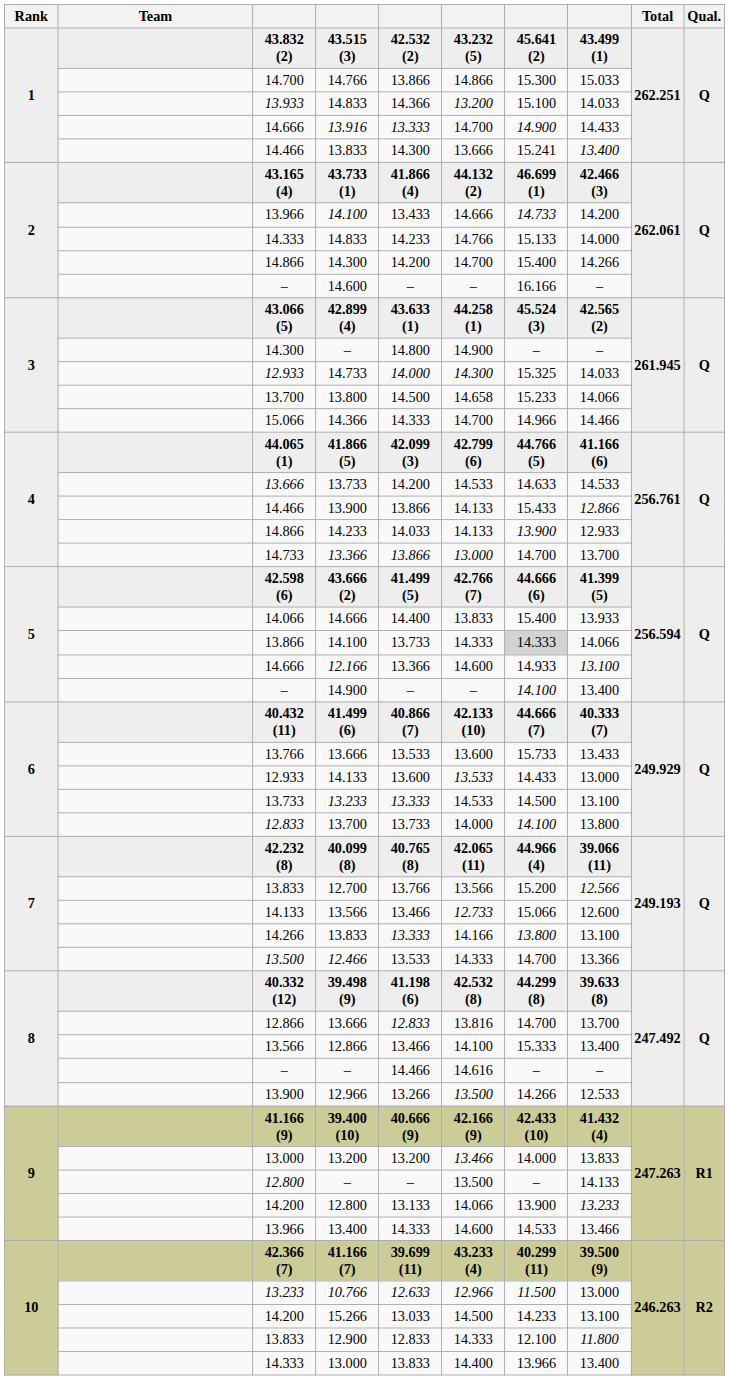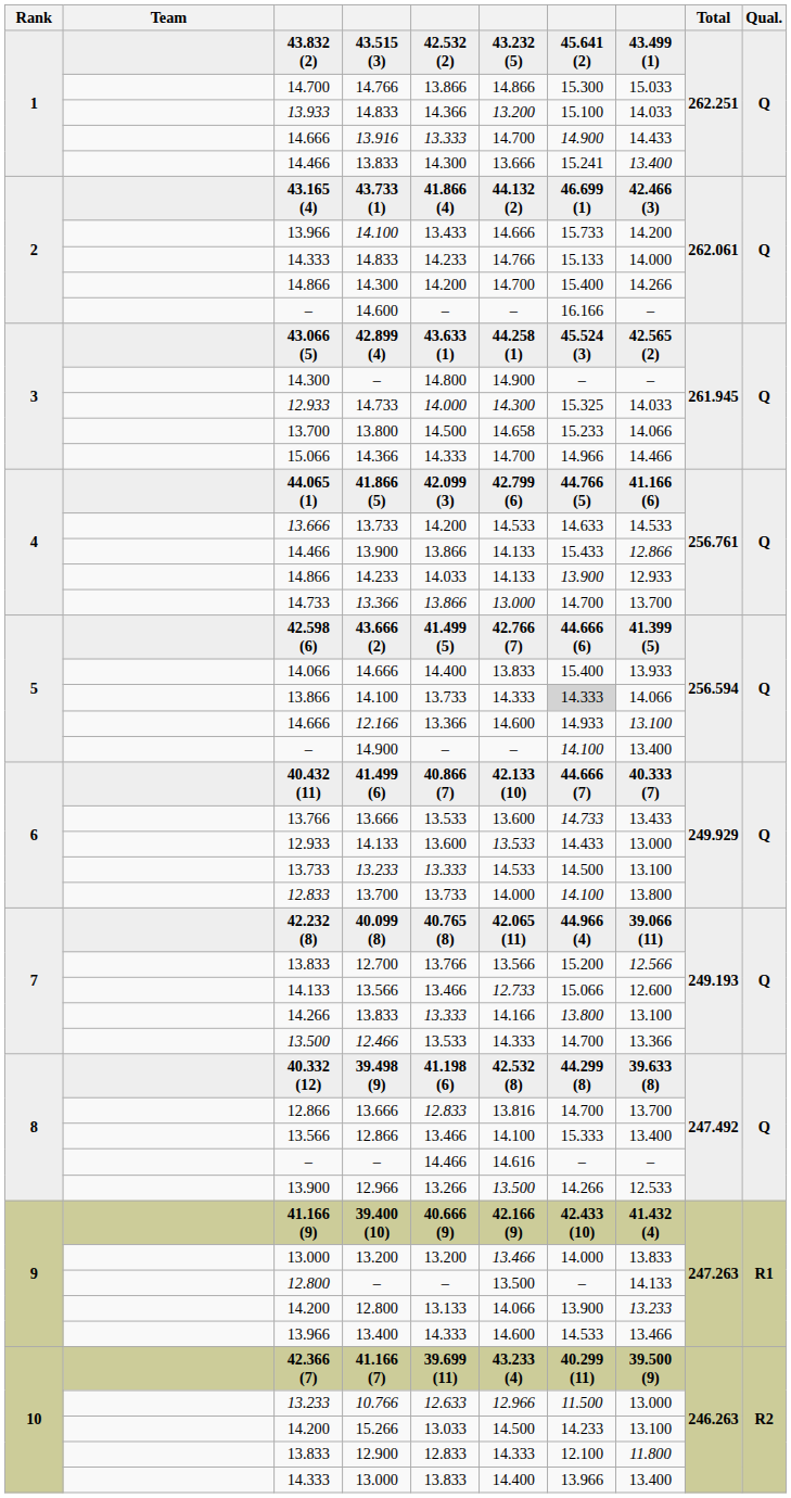 <table style="text-align:center; font-size:95%" class="wikitable sortable">
 <tr>
 <th scope="col" style="width:50px;">Rank</th>
 <th scope="col" style="width:200px;">Team</th>
 <th scope="col" style="width:60px;"></th>
 <th scope="col" style="width:60px;"></th>
 <th scope="col" style="width:60px;"></th>
 <th scope="col" style="width:60px;"></th>
 <th scope="col" style="width:60px;"></th>
 <th scope="col" style="width:60px;"></th>
 <th>Total</th>
 <th>Qual.</th>
 </tr>
 <tr style="background:#eee;">
 <td rowspan="5"><strong>1</strong></td>
 <td style="text-align:center;"><strong></strong></td>
 <td><strong>43.832 (2)</strong></td>
 <td><strong>43.515 (3)</strong></td>
 <td><strong>42.532 (2)</strong></td>
 <td><strong>43.232 (5)</strong></td>
 <td><strong>45.641 (2)</strong></td>
 <td><strong>43.499 (1)</strong></td>
 <td rowspan="5"><strong>262.251</strong></td>
 <td rowspan="5"><strong>Q</strong></td>
 </tr>
 <tr>
 <td align=left></td>
 <td>14.700</td>
 <td>14.766</td>
 <td>13.866</td>
 <td>14.866</td>
 <td>15.300</td>
 <td>15.033</td>
 </tr>
 <tr>
 <td align=left></td>
 <td><em>13.933</em></td>
 <td>14.833</td>
 <td>14.366</td>
 <td><em>13.200</em></td>
 <td>15.100</td>
 <td>14.033</td>
 </tr>
 <tr>
 <td align=left></td>
 <td>14.666</td>
 <td><em>13.916</em></td>
 <td><em>13.333</em></td>
 <td>14.700</td>
 <td><em>14.900</em></td>
 <td>14.433</td>
 </tr>
 <tr>
 <td align=left></td>
 <td>14.466</td>
 <td>13.833</td>
 <td>14.300</td>
 <td>13.666</td>
 <td>15.241</td>
 <td><em>13.400</em></td>
 </tr>
 <tr style="background:#eee;">
 <td rowspan="5"><strong>2</strong></td>
 <td style="text-align:center;"><strong></strong></td>
 <td><strong>43.165 (4)</strong></td>
 <td><strong>43.733 (1)</strong></td>
 <td><strong>41.866 (4)</strong></td>
 <td><strong>44.132 (2)</strong></td>
 <td><strong>46.699 (1)</strong></td>
 <td><strong>42.466 (3)</strong></td>
 <td rowspan="5"><strong>262.061</strong></td>
 <td rowspan="5"><strong>Q</strong></td>
 </tr>
 <tr>
 <td align=left></td>
 <td>13.966</td>
 <td><em>14.100</em></td>
 <td>13.433</td>
 <td>14.666</td>
-<td><em>14.733</em></td>
+<td>15.733</td>
 <td>14.200</td>
 </tr>
 <tr>
 <td align=left></td>
 <td>14.333</td>
 <td>14.833</td>
 <td>14.233</td>
 <td>14.766</td>
 <td>15.133</td>
 <td>14.000</td>
 </tr>
 <tr>
 <td align=left></td>
 <td>14.866</td>
 <td>14.300</td>
 <td>14.200</td>
 <td>14.700</td>
 <td>15.400</td>
 <td>14.266</td>
 </tr>
 <tr>
 <td align=left></td>
 <td><em>–</em></td>
 <td>14.600</td>
 <td><em>–</em></td>
 <td><em>–</em></td>
 <td>16.166</td>
 <td><em>–</em></td>
 </tr>
 <tr style="background:#eee;">
 <td rowspan="5"><strong>3</strong></td>
 <td style="text-align:center;"><strong></strong></td>
 <td><strong>43.066 (5)</strong></td>
 <td><strong>42.899 (4)</strong></td>
 <td><strong>43.633 (1)</strong></td>
 <td><strong>44.258 (1)</strong></td>
 <td><strong>45.524 (3)</strong></td>
 <td><strong>42.565 (2)</strong></td>
 <td rowspan="5"><strong>261.945</strong></td>
 <td rowspan="5"><strong>Q</strong></td>
 </tr>
 <tr>
 <td align=left></td>
 <td>14.300</td>
 <td><em>–</em></td>
 <td>14.800</td>
 <td>14.900</td>
 <td><em>–</em></td>
 <td><em>–</em></td>
 </tr>
 <tr>
 <td align=left></td>
 <td><em>12.933</em></td>
 <td>14.733</td>
 <td><em>14.000</em></td>
 <td><em>14.300</em></td>
 <td>15.325</td>
 <td>14.033</td>
 </tr>
 <tr>
 <td align=left></td>
 <td>13.700</td>
 <td>13.800</td>
 <td>14.500</td>
 <td>14.658</td>
 <td>15.233</td>
 <td>14.066</td>
 </tr>
 <tr>
 <td align=left></td>
 <td>15.066</td>
 <td>14.366</td>
 <td>14.333</td>
 <td>14.700</td>
 <td>14.966</td>
 <td>14.466</td>
 </tr>
 <tr style="background:#eee;">
 <td rowspan="5"><strong>4</strong></td>
 <td style="text-align:center;"><strong></strong></td>
 <td><strong>44.065 (1)</strong></td>
 <td><strong>41.866 (5)</strong></td>
 <td><strong>42.099 (3)</strong></td>
 <td><strong>42.799 (6)</strong></td>
 <td><strong>44.766 (5)</strong></td>
 <td><strong>41.166 (6)</strong></td>
 <td rowspan="5"><strong>256.761</strong></td>
 <td rowspan="5"><strong>Q</strong></td>
 </tr>
 <tr>
 <td align=left></td>
 <td><em>13.666</em></td>
 <td>13.733</td>
 <td>14.200</td>
 <td>14.533</td>
 <td>14.633</td>
 <td>14.533</td>
 </tr>
 <tr>
 <td align=left></td>
 <td>14.466</td>
 <td>13.900</td>
 <td>13.866</td>
 <td>14.133</td>
 <td>15.433</td>
 <td><em>12.866</em></td>
 </tr>
 <tr>
 <td align=left></td>
 <td>14.866</td>
 <td>14.233</td>
 <td>14.033</td>
 <td>14.133</td>
 <td><em>13.900</em></td>
 <td>12.933</td>
 </tr>
 <tr>
 <td align=left></td>
 <td>14.733</td>
 <td><em>13.366</em></td>
 <td><em>13.866</em></td>
 <td><em>13.000</em></td>
 <td>14.700</td>
 <td>13.700</td>
 </tr>
 <tr style="background:#eee;">
 <td rowspan="5"><strong>5</strong></td>
 <td style="text-align:center;"><strong></strong></td>
 <td><strong>42.598  (6)</strong></td>
 <td><strong>43.666  (2)</strong></td>
 <td><strong>41.499  (5)</strong></td>
 <td><strong>42.766  (7)</strong></td>
 <td><strong>44.666  (6)</strong></td>
 <td><strong>41.399  (5)</strong></td>
 <td rowspan="5"><strong>256.594</strong></td>
 <td rowspan="5"><strong>Q</strong></td>
 </tr>
 <tr>
 <td align=left></td>
 <td>14.066</td>
 <td>14.666</td>
 <td>14.400</td>
 <td>13.833</td>
 <td>15.400</td>
 <td>13.933</td>
 </tr>
 <tr>
 <td align=left></td>
 <td>13.866</td>
 <td>14.100</td>
 <td>13.733</td>
 <td>14.333</td>
 <td style="background: lightgrey;">14.333</td>
 <td>14.066</td>
 </tr>
 <tr>
 <td align=left></td>
 <td>14.666</td>
 <td><em>12.166</em></td>
 <td>13.366</td>
 <td>14.600</td>
 <td>14.933</td>
 <td><em>13.100</em></td>
 </tr>
 <tr>
 <td align=left></td>
 <td><em>–</em></td>
 <td>14.900</td>
 <td><em>–</em></td>
 <td><em>–</em></td>
 <td><em>14.100</em></td>
 <td>13.400</td>
 </tr>
 <tr style="background:#eee;">
 <td rowspan="5"><strong>6</strong></td>
 <td style="text-align:center;"><strong></strong></td>
 <td><strong>40.432 (11)</strong></td>
 <td><strong>41.499 (6)</strong></td>
 <td><strong>40.866 (7)</strong></td>
 <td><strong>42.133 (10)</strong></td>
 <td><strong>44.666 (7)</strong></td>
 <td><strong>40.333 (7)</strong></td>
 <td rowspan="5"><strong>249.929</strong></td>
 <td rowspan="5"><strong>Q</strong></td>
 </tr>
 <tr>
 <td align=left></td>
 <td>13.766</td>
 <td>13.666</td>
 <td>13.533</td>
 <td>13.600</td>
-<td>15.733</td>
+<td><em>14.733</em></td>
 <td>13.433</td>
 </tr>
 <tr>
 <td align=left></td>
 <td>12.933</td>
 <td>14.133</td>
 <td>13.600</td>
 <td><em>13.533</em></td>
 <td>14.433</td>
 <td>13.000</td>
 </tr>
 <tr>
 <td align=left></td>
 <td>13.733</td>
 <td><em>13.233</em></td>
 <td><em>13.333</em></td>
 <td>14.533</td>
 <td>14.500</td>
 <td>13.100</td>
 </tr>
 <tr>
 <td align=left></td>
 <td><em>12.833</em></td>
 <td>13.700</td>
 <td>13.733</td>
 <td>14.000</td>
 <td><em>14.100</em></td>
 <td>13.800</td>
 </tr>
 <tr style="background:#eee;">
 <td rowspan="5"><strong>7</strong></td>
 <td style="text-align:center;"><strong></strong></td>
 <td><strong>42.232 (8)</strong></td>
 <td><strong>40.099 (8)</strong></td>
 <td><strong>40.765 (8)</strong></td>
 <td><strong>42.065 (11)</strong></td>
 <td><strong>44.966 (4)</strong></td>
 <td><strong>39.066 (11)</strong></td>
 <td rowspan="5"><strong>249.193</strong></td>
 <td rowspan="5"><strong>Q</strong></td>
 </tr>
 <tr>
 <td align=left></td>
 <td>13.833</td>
 <td>12.700</td>
 <td>13.766</td>
 <td>13.566</td>
 <td>15.200</td>
 <td><em>12.566</em></td>
 </tr>
 <tr>
 <td align=left></td>
 <td>14.133</td>
 <td>13.566</td>
 <td>13.466</td>
 <td><em>12.733</em></td>
 <td>15.066</td>
 <td>12.600</td>
 </tr>
 <tr>
 <td align=left></td>
 <td>14.266</td>
 <td>13.833</td>
 <td><em>13.333</em></td>
 <td>14.166</td>
 <td><em>13.800</em></td>
 <td>13.100</td>
 </tr>
 <tr>
 <td align=left></td>
 <td><em>13.500</em></td>
 <td><em>12.466</em></td>
 <td>13.533</td>
 <td>14.333</td>
 <td>14.700</td>
 <td>13.366</td>
 </tr>
 <tr style="background:#eee;">
 <td rowspan="5"><strong>8</strong></td>
 <td style="text-align:center;"><strong></strong></td>
 <td><strong>40.332 (12)</strong></td>
 <td><strong>39.498 (9)</strong></td>
 <td><strong>41.198 (6)</strong></td>
 <td><strong>42.532 (8)</strong></td>
 <td><strong>44.299 (8)</strong></td>
 <td><strong>39.633 (8)</strong></td>
 <td rowspan="5"><strong>247.492</strong></td>
 <td rowspan="5"><strong>Q</strong></td>
 </tr>
 <tr>
 <td align=left></td>
 <td>12.866</td>
 <td>13.666</td>
 <td><em>12.833</em></td>
 <td>13.816</td>
 <td>14.700</td>
 <td>13.700</td>
 </tr>
 <tr>
 <td align=left></td>
 <td>13.566</td>
 <td>12.866</td>
 <td>13.466</td>
 <td>14.100</td>
 <td>15.333</td>
 <td>13.400</td>
 </tr>
 <tr>
 <td align=left></td>
 <td><em>–</em></td>
 <td><em>–</em></td>
 <td>14.466</td>
 <td>14.616</td>
 <td><em>–</em></td>
 <td><em>–</em></td>
 </tr>
 <tr>
 <td align=left></td>
 <td>13.900</td>
 <td>12.966</td>
 <td>13.266</td>
 <td><em>13.500</em></td>
 <td>14.266</td>
 <td>12.533</td>
 </tr>
 <tr style="background:#cccc99;">
 <td rowspan="5"><strong>9</strong></td>
 <td style="text-align:center;"><strong></strong></td>
 <td><strong>41.166 (9)</strong></td>
 <td><strong>39.400 (10)</strong></td>
 <td><strong>40.666 (9)</strong></td>
 <td><strong>42.166 (9)</strong></td>
 <td><strong>42.433 (10)</strong></td>
 <td><strong>41.432 (4)</strong></td>
 <td rowspan="5"><strong>247.263</strong></td>
 <td rowspan="5"><strong>R1</strong></td>
 </tr>
 <tr>
 <td align=left></td>
 <td>13.000</td>
 <td>13.200</td>
 <td>13.200</td>
 <td><em>13.466</em></td>
 <td>14.000</td>
 <td>13.833</td>
 </tr>
 <tr>
 <td align=left></td>
 <td><em>12.800</em></td>
 <td><em>–</em></td>
 <td><em>–</em></td>
 <td>13.500</td>
 <td><em>–</em></td>
 <td>14.133</td>
 </tr>
 <tr>
 <td align=left></td>
 <td>14.200</td>
 <td>12.800</td>
 <td>13.133</td>
 <td>14.066</td>
 <td>13.900</td>
 <td><em>13.233</em></td>
 </tr>
 <tr>
 <td align=left></td>
 <td>13.966</td>
 <td>13.400</td>
 <td>14.333</td>
 <td>14.600</td>
 <td>14.533</td>
 <td>13.466</td>
 </tr>
 <tr style="background:#cccc99;">
 <td rowspan="5"><strong>10</strong></td>
 <td style="text-align:center;"><strong></strong></td>
 <td><strong>42.366 (7)</strong></td>
 <td><strong>41.166 (7)</strong></td>
 <td><strong>39.699 (11)</strong></td>
 <td><strong>43.233 (4)</strong></td>
 <td><strong>40.299 (11)</strong></td>
 <td><strong>39.500 (9)</strong></td>
 <td rowspan="5"><strong>246.263</strong></td>
 <td rowspan="5"><strong>R2</strong></td>
 </tr>
 <tr>
 <td align=left></td>
 <td><em>13.233</em></td>
 <td><em>10.766</em></td>
 <td><em>12.633</em></td>
 <td><em>12.966</em></td>
 <td><em>11.500</em></td>
 <td>13.000</td>
 </tr>
 <tr>
 <td align=left></td>
 <td>14.200</td>
 <td>15.266</td>
 <td>13.033</td>
 <td>14.500</td>
 <td>14.233</td>
 <td>13.100</td>
 </tr>
 <tr>
 <td align=left></td>
 <td>13.833</td>
 <td>12.900</td>
 <td>12.833</td>
 <td>14.333</td>
 <td>12.100</td>
 <td><em>11.800</em></td>
 </tr>
 <tr>
 <td align=left></td>
 <td>14.333</td>
 <td>13.000</td>
 <td>13.833</td>
 <td>14.400</td>
 <td>13.966</td>
 <td>13.400</td>
 </tr>
 </table>
